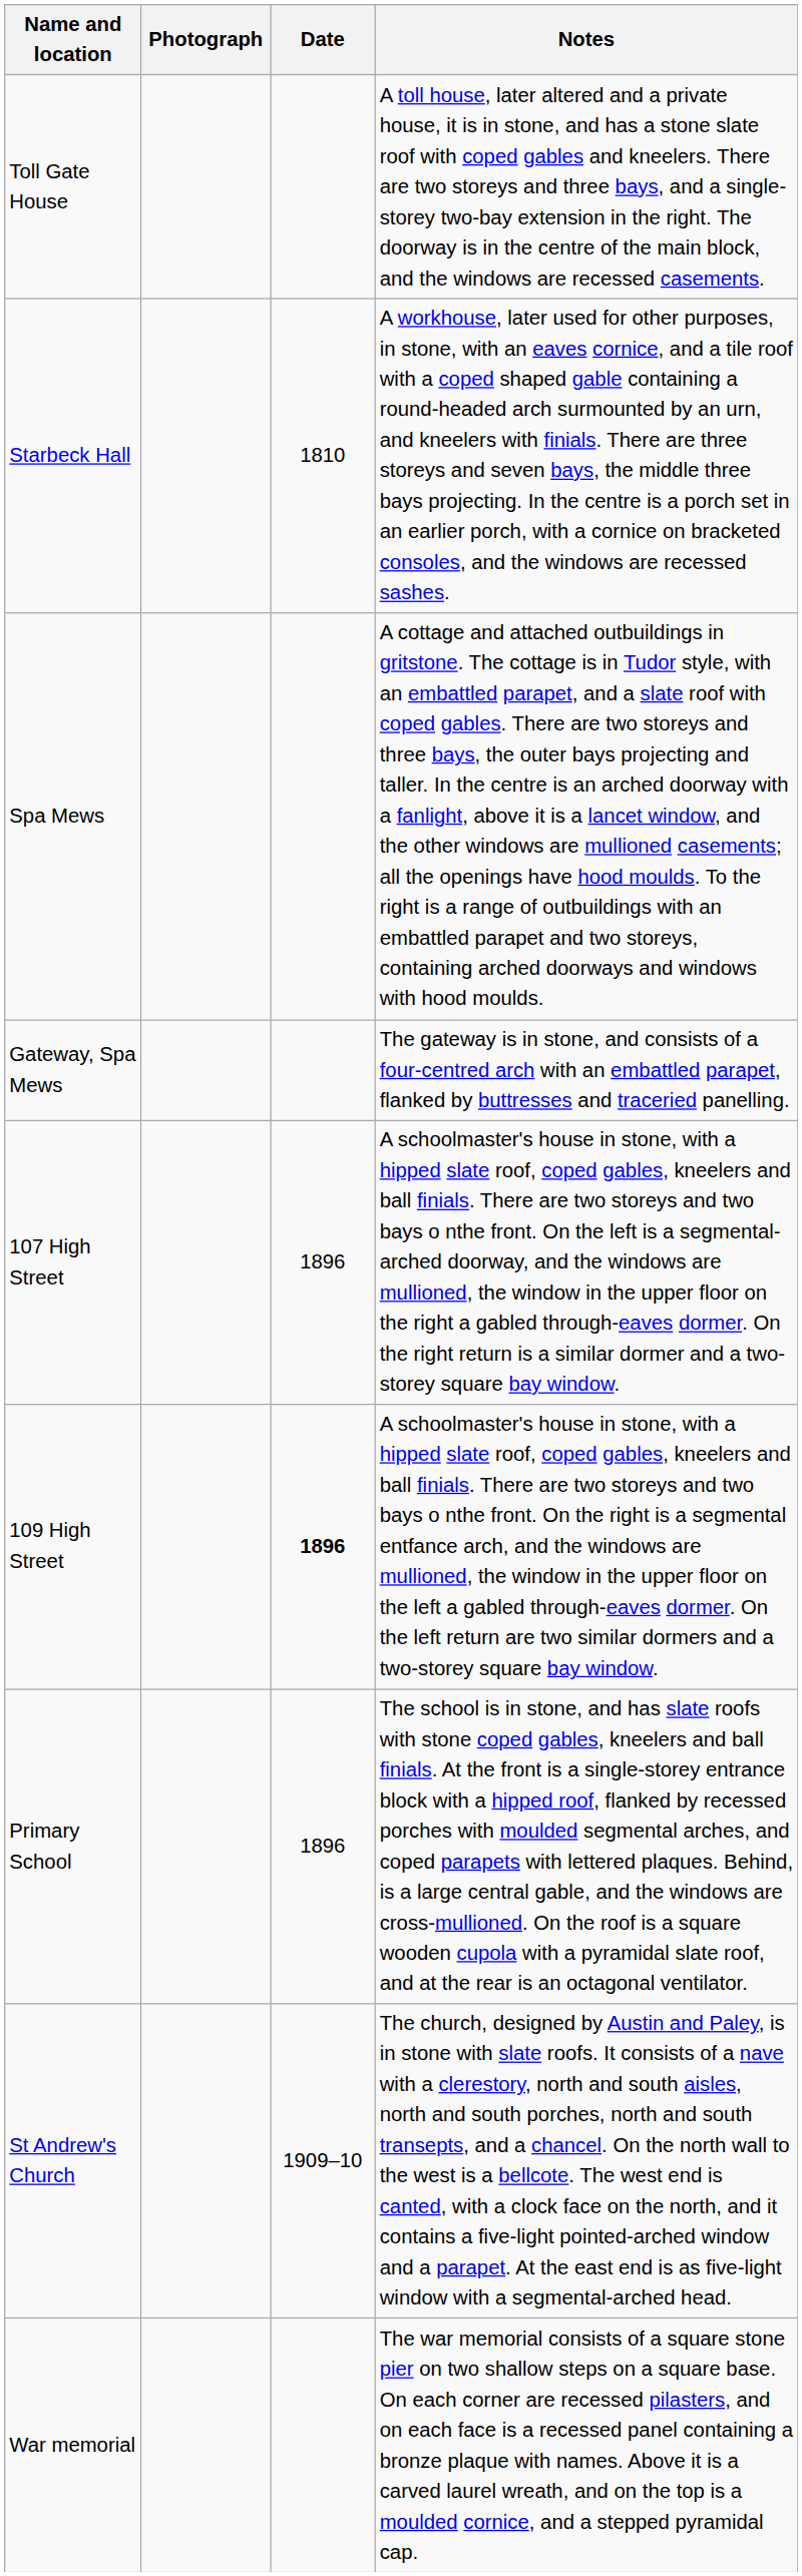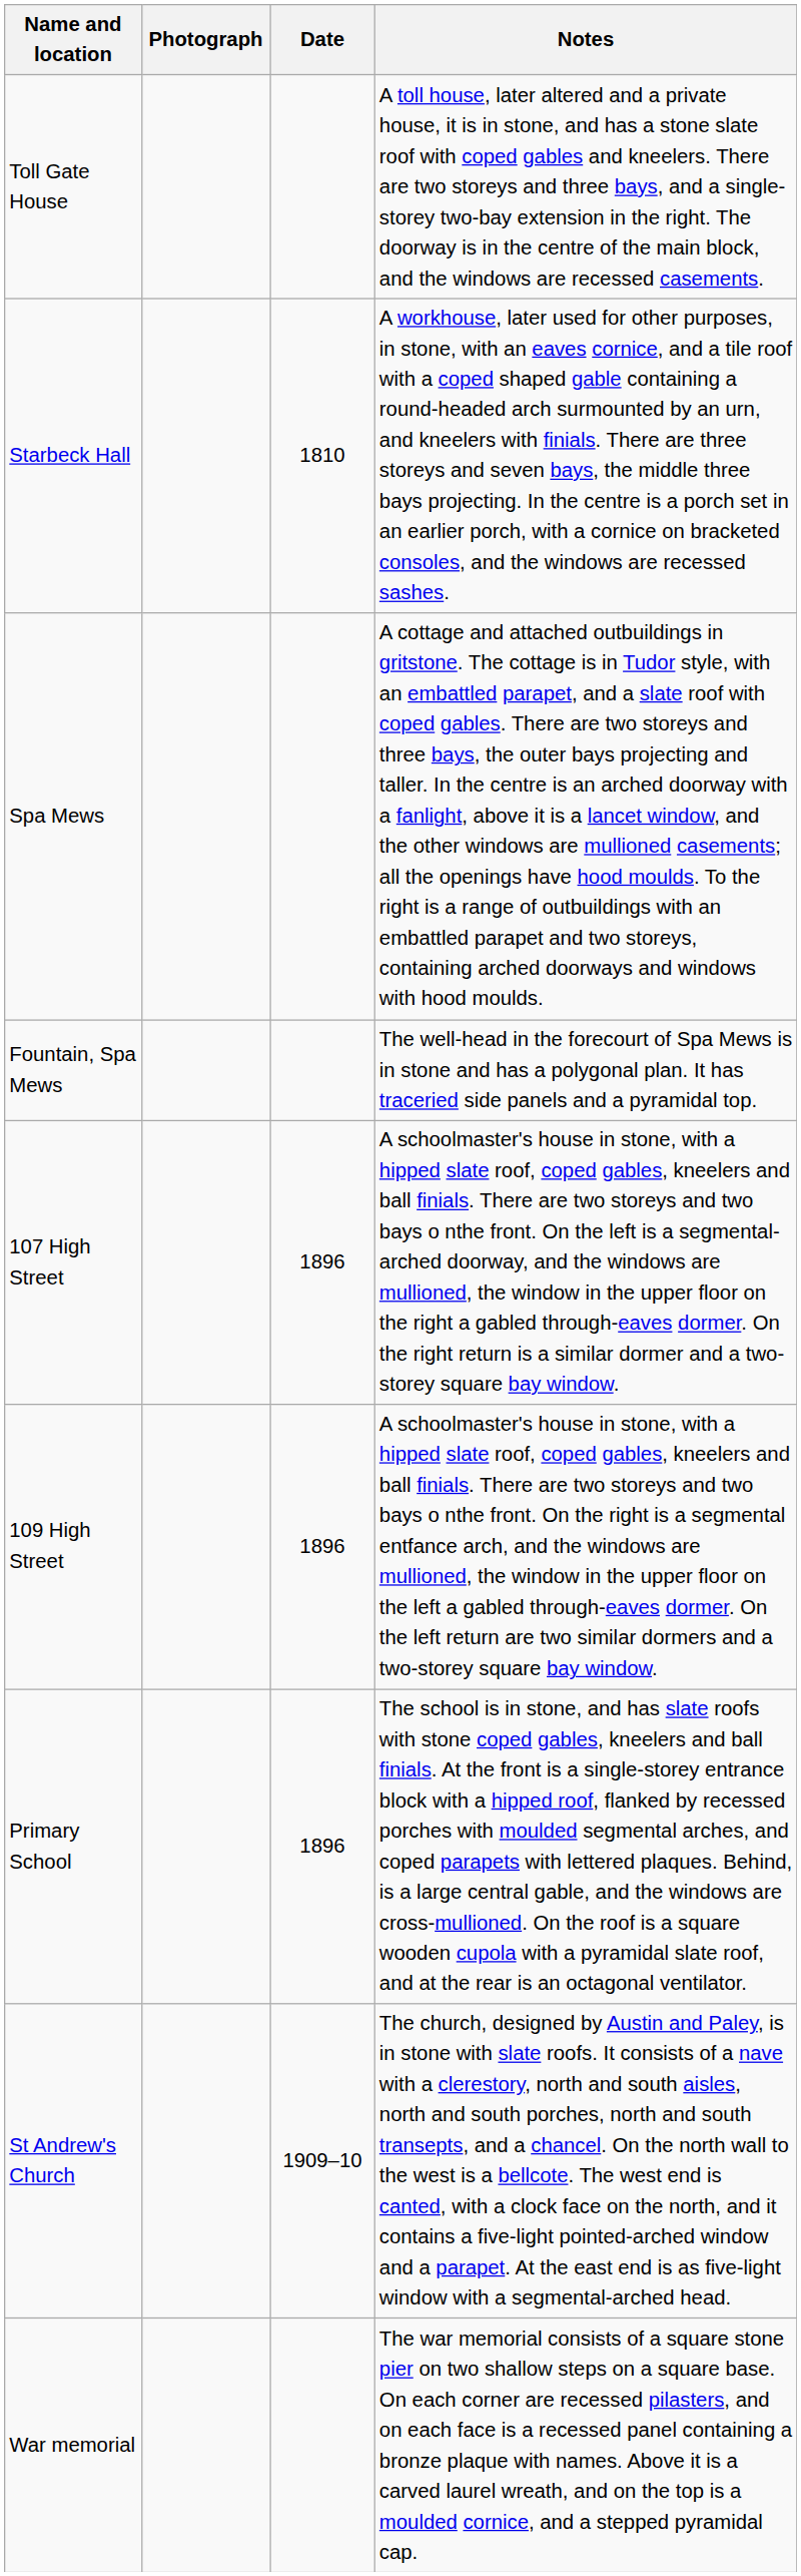 <table class="wikitable sortable plainrowheaders" style="width:100%;border:0px;text-align:left;line-height:150%;">
 <tr>
 <th scope="col"  style="width:150px">Name and location</th>
 <th scope="col"  style="width:100px" class="unsortable">Photograph</th>
 <th scope="col"  style="width:120px">Date</th>
 <th scope="col"  style="width:650px" class="unsortable">Notes</th>
 </tr>
 <tr>
 <td>Toll Gate House<br><small></small></td>
 <td></td>
 <td align="center"></td>
 <td>A <a href='#'>toll house</a>, later altered and a private house, it is in stone, and has a stone slate roof with <a href='#'>coped</a> <a href='#'>gables</a> and kneelers.  There are two storeys and three <a href='#'>bays</a>, and a single-storey two-bay extension in the right.  The doorway is in the centre of the main block, and the windows are recessed <a href='#'>casements</a>.</td>
 </tr>
 <tr>
 <td><a href='#'>Starbeck Hall</a><br><small></small></td>
 <td></td>
 <td align="center">1810</td>
 <td>A <a href='#'>workhouse</a>, later used for other purposes, in stone, with an <a href='#'>eaves</a> <a href='#'>cornice</a>, and a tile roof with a <a href='#'>coped</a> shaped <a href='#'>gable</a> containing a round-headed arch surmounted by an urn, and kneelers with <a href='#'>finials</a>.  There are three storeys and seven <a href='#'>bays</a>, the middle three bays projecting.  In the centre is a porch set in an earlier porch, with a cornice on bracketed <a href='#'>consoles</a>, and the windows are recessed <a href='#'>sashes</a>.</td>
 </tr>
 <tr>
 <td>Spa Mews<br><small></small></td>
 <td></td>
 <td align="center"></td>
 <td>A cottage and attached outbuildings in <a href='#'>gritstone</a>. The cottage is in <a href='#'>Tudor</a> style, with an <a href='#'>embattled</a> <a href='#'>parapet</a>, and a <a href='#'>slate</a> roof with <a href='#'>coped</a> <a href='#'>gables</a>. There are two storeys and three <a href='#'>bays</a>, the outer bays projecting and taller. In the centre is an arched doorway with a <a href='#'>fanlight</a>, above it is a <a href='#'>lancet window</a>, and the other windows are <a href='#'>mullioned</a> <a href='#'>casements</a>; all the openings have <a href='#'>hood moulds</a>. To the right is a range of outbuildings with an embattled parapet and two storeys, containing arched doorways and windows with hood moulds.</td>
 </tr>
 <tr>
-<td>Gateway, Spa Mews<br><small></small></td>
+<td>Fountain, Spa Mews<br><small></small></td>
 <td></td>
 <td align="center"></td>
-<td>The gateway is in stone, and consists of a <a href='#'>four-centred arch</a> with an <a href='#'>embattled</a> <a href='#'>parapet</a>, flanked by <a href='#'>buttresses</a> and <a href='#'>traceried</a> panelling.</td>
+<td>The well-head in the forecourt of Spa Mews is in stone and has a polygonal plan.  It has <a href='#'>traceried</a> side panels and a pyramidal top.</td>
 </tr>
 <tr>
 <td>107 High Street<br><small></small></td>
 <td></td>
 <td align="center">1896</td>
 <td>A schoolmaster's house in stone, with a <a href='#'>hipped</a> <a href='#'>slate</a> roof, <a href='#'>coped</a> <a href='#'>gables</a>, kneelers and ball <a href='#'>finials</a>. There are two storeys and two bays o nthe front. On the left is a segmental-arched doorway, and the windows are <a href='#'>mullioned</a>, the window in the upper floor on the right a gabled through-<a href='#'>eaves</a> <a href='#'>dormer</a>. On the right return is a similar dormer and a two-storey square <a href='#'>bay window</a>.</td>
 </tr>
 <tr>
 <td>109 High Street<br><small></small></td>
 <td></td>
-<td align="center"><strong>1896</strong></td>
+<td align="center">1896</td>
 <td>A schoolmaster's house in stone, with a <a href='#'>hipped</a> <a href='#'>slate</a> roof, <a href='#'>coped</a> <a href='#'>gables</a>, kneelers and ball <a href='#'>finials</a>. There are two storeys and two bays o nthe front. On the right is a segmental entfance arch, and the windows are <a href='#'>mullioned</a>, the window in the upper floor on the left a gabled through-<a href='#'>eaves</a> <a href='#'>dormer</a>. On the left return are two similar dormers and a two-storey square <a href='#'>bay window</a>.</td>
 </tr>
 <tr>
 <td>Primary School<br><small></small></td>
 <td></td>
 <td align="center">1896</td>
 <td>The school is in stone, and has <a href='#'>slate</a> roofs with stone <a href='#'>coped</a> <a href='#'>gables</a>, kneelers and ball <a href='#'>finials</a>.  At the front is a single-storey entrance block with a <a href='#'>hipped roof</a>, flanked by recessed porches with <a href='#'>moulded</a> segmental arches, and coped <a href='#'>parapets</a> with lettered plaques.  Behind, is a large central gable, and the windows are cross-<a href='#'>mullioned</a>.  On the roof is a square wooden <a href='#'>cupola</a> with a pyramidal slate roof, and at the rear is an octagonal ventilator.</td>
 </tr>
 <tr>
 <td><a href='#'>St Andrew's Church</a><br><small></small></td>
 <td></td>
 <td align="center">1909–10</td>
 <td>The church, designed by <a href='#'>Austin and Paley</a>, is in stone with <a href='#'>slate</a> roofs. It consists of a <a href='#'>nave</a> with a <a href='#'>clerestory</a>, north and south <a href='#'>aisles</a>, north and south porches, north and south <a href='#'>transepts</a>, and a <a href='#'>chancel</a>. On the north wall to the west is a <a href='#'>bellcote</a>. The west end is <a href='#'>canted</a>, with a clock face on the north, and it contains a five-light pointed-arched window and a <a href='#'>parapet</a>. At the east end is as five-light window with a segmental-arched head.</td>
 </tr>
 <tr>
 <td>War memorial<br><small></small></td>
 <td></td>
 <td align="center"></td>
 <td>The war memorial consists of a square stone <a href='#'>pier</a> on two shallow steps on a square base.  On each corner are recessed <a href='#'>pilasters</a>, and on each face is a recessed panel containing a bronze plaque with names.  Above it is a carved laurel wreath, and on the top is a <a href='#'>moulded</a> <a href='#'>cornice</a>, and a stepped pyramidal cap.</td>
 </tr>
 <tr>
 </tr>
 </table>
